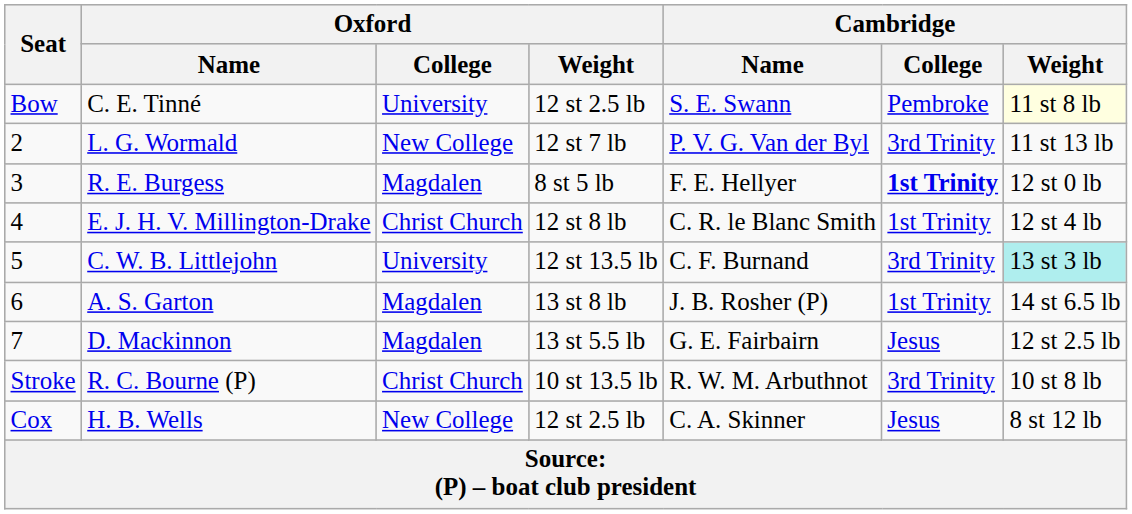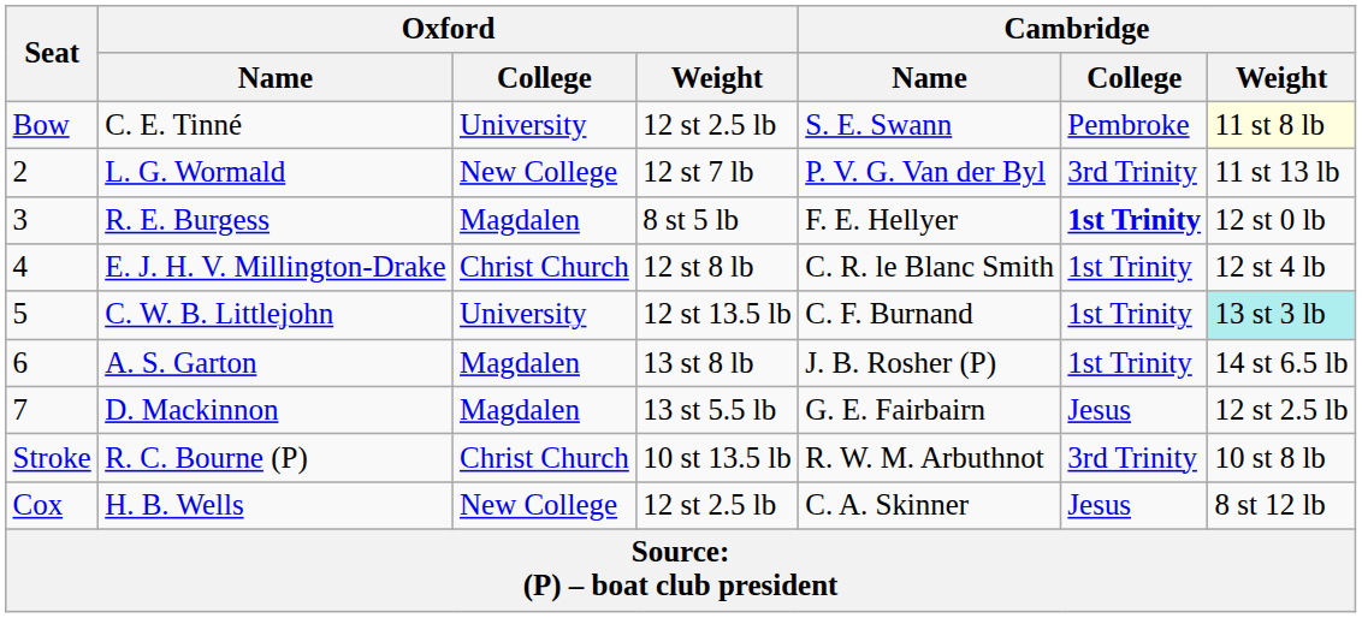 <table class="wikitable">
 <tr>
 <th rowspan="2" scope="col">Seat</th>
 <th colspan="3" scope="col">Oxford <br> </th>
 <th colspan="3" scope="col">Cambridge <br> </th>
 </tr>
 <tr>
 <th>Name</th>
 <th>College</th>
 <th>Weight</th>
 <th>Name</th>
 <th>College</th>
 <th>Weight</th>
 </tr>
 <tr>
 <td><a href='#'>Bow</a></td>
 <td>C. E. Tinné</td>
 <td><a href='#'>University</a></td>
 <td>12 st 2.5 lb</td>
 <td><a href='#'>S. E. Swann</a></td>
 <td><a href='#'>Pembroke</a></td>
 <td style="background: lightyellow;">11 st 8 lb</td>
 </tr>
 <tr>
 <td>2</td>
 <td><a href='#'>L. G. Wormald</a></td>
 <td><a href='#'>New College</a></td>
 <td>12 st 7 lb</td>
 <td><a href='#'>P. V. G. Van der Byl</a></td>
 <td><a href='#'>3rd Trinity</a></td>
 <td>11 st 13 lb</td>
 </tr>
 <tr>
 <td>3</td>
 <td><a href='#'>R. E. Burgess</a></td>
 <td><a href='#'>Magdalen</a></td>
 <td>8 st 5 lb</td>
 <td>F. E. Hellyer</td>
 <td><strong><a href='#'>1st Trinity</a></strong></td>
 <td>12 st 0 lb</td>
 </tr>
 <tr>
 <td>4</td>
 <td><a href='#'>E. J. H. V. Millington-Drake</a></td>
 <td><a href='#'>Christ Church</a></td>
 <td>12 st 8 lb</td>
 <td>C. R. le Blanc Smith</td>
 <td><a href='#'>1st Trinity</a></td>
 <td>12 st 4 lb</td>
 </tr>
 <tr>
 <td>5</td>
 <td><a href='#'>C. W. B. Littlejohn</a></td>
 <td><a href='#'>University</a></td>
 <td>12 st 13.5 lb</td>
 <td>C. F. Burnand</td>
-<td><a href='#'>3rd Trinity</a></td>
+<td><a href='#'>1st Trinity</a></td>
 <td style="background: paleturquoise;">13 st 3 lb</td>
 </tr>
 <tr>
 <td>6</td>
 <td><a href='#'>A. S. Garton</a></td>
 <td><a href='#'>Magdalen</a></td>
 <td>13 st 8 lb</td>
 <td>J. B. Rosher (P)</td>
 <td><a href='#'>1st Trinity</a></td>
 <td>14 st 6.5 lb</td>
 </tr>
 <tr>
 <td>7</td>
 <td><a href='#'>D. Mackinnon</a></td>
 <td><a href='#'>Magdalen</a></td>
 <td>13 st 5.5 lb</td>
 <td>G. E. Fairbairn</td>
 <td><a href='#'>Jesus</a></td>
 <td>12 st 2.5 lb</td>
 </tr>
 <tr>
 <td><a href='#'>Stroke</a></td>
 <td><a href='#'>R. C. Bourne</a> (P)</td>
 <td><a href='#'>Christ Church</a></td>
 <td>10 st 13.5 lb</td>
 <td>R. W. M. Arbuthnot</td>
 <td><a href='#'>3rd Trinity</a></td>
 <td>10 st 8 lb</td>
 </tr>
 <tr>
 <td><a href='#'>Cox</a></td>
 <td><a href='#'>H. B. Wells</a></td>
 <td><a href='#'>New College</a></td>
 <td>12 st 2.5 lb</td>
 <td>C. A. Skinner</td>
 <td><a href='#'>Jesus</a></td>
 <td>8 st 12 lb</td>
 </tr>
 <tr>
 <th colspan="7">Source:<br>(P) – boat club president</th>
 </tr>
 </table>
